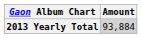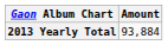 <table class="wikitable">
 <tr>
 <th><em><a href='#'>Gaon</a></em> Album Chart</th>
 <th>Amount</th>
 </tr>
 <tr>
 <th>2013 Yearly Total</th>
-<td align="center" style="background: lightgrey;">93,884</td>
+<td align="center">93,884</td>
 </tr>
 </table>
